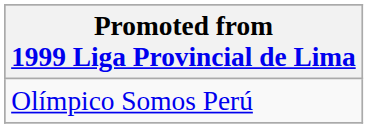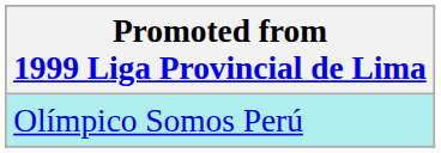 <table class="wikitable">
 <tr>
 <th>Promoted from<br><a href='#'>1999 Liga Provincial de Lima</a></th>
 </tr>
 <tr>
-<td> <a href='#'>Olímpico Somos Perú</a> </td>
+<td style="background: paleturquoise;"> <a href='#'>Olímpico Somos Perú</a> </td>
 </tr>
 </table>
